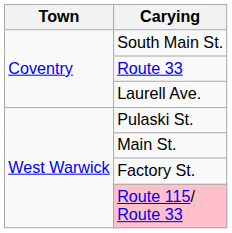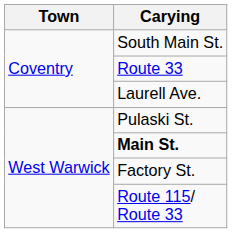 <table class="wikitable">
 <tr>
 <th>Town</th>
 <th>Carying</th>
 </tr>
 <tr>
 <td rowspan="3"><a href='#'>Coventry</a></td>
 <td>South Main St.</td>
 </tr>
 <tr>
 <td><a href='#'>Route 33</a></td>
 </tr>
 <tr>
 <td>Laurell Ave.</td>
 </tr>
 <tr>
 <td rowspan="4"><a href='#'>West Warwick</a></td>
 <td>Pulaski St.</td>
 </tr>
 <tr>
-<td>Main St.</td>
+<td><strong>Main St.</strong></td>
 </tr>
 <tr>
 <td>Factory St.</td>
 </tr>
 <tr>
-<td style="background: pink;"><a href='#'>Route 115</a>/<br><a href='#'>Route 33</a></td>
+<td><a href='#'>Route 115</a>/<br><a href='#'>Route 33</a></td>
 </tr>
 </table>
